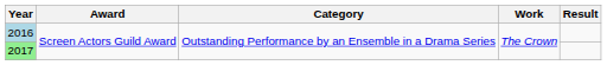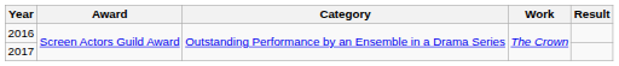 <table class="wikitable sortable">
 <tr>
 <th>Year</th>
 <th>Award</th>
 <th>Category</th>
 <th>Work</th>
 <th>Result</th>
 </tr>
 <tr>
-<td align="center" style="background: lightblue;">2016</td>
+<td align="center">2016</td>
 <td rowspan="2"><a href='#'>Screen Actors Guild Award</a></td>
 <td rowspan="2"><a href='#'>Outstanding Performance by an Ensemble in a Drama Series</a></td>
 <td rowspan="2"><em><a href='#'>The Crown</a></em></td>
 <td></td>
 </tr>
 <tr>
-<td align="center" style="background: lightgreen;">2017</td>
+<td align="center">2017</td>
 <td></td>
 </tr>
 </table>
